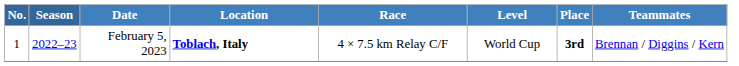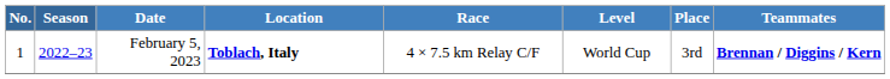 <table class="wikitable sortable" style="font-size:95%; text-align:center; border:grey solid 1px; border-collapse:collapse; background:#ffffff;">
 <tr style="background:#efefef;">
 <th style="background-color:#369; color:white;">No.</th>
 <th style="background-color:#369; color:white;">Season</th>
 <th style="background-color:#4180be; color:white; width:100px;">Date</th>
 <th style="background-color:#4180be; color:white; width:170px;">Location</th>
 <th style="background-color:#4180be; color:white; width:170px;">Race</th>
 <th style="background-color:#4180be; color:white; width:100px;">Level</th>
 <th style="background-color:#4180be; color:white;">Place</th>
 <th style="background-color:#4180be; color:white;">Teammates</th>
 </tr>
 <tr>
 <td align=center>1</td>
 <td rowspan=1 align=center><a href='#'>2022–23</a></td>
 <td align=right>February 5, 2023</td>
 <td align=left><strong> <a href='#'>Toblach</a>, Italy</strong></td>
 <td>4 × 7.5 km Relay C/F</td>
 <td>World Cup</td>
-<td><strong>3rd</strong></td>
-<td><a href='#'>Brennan</a> / <a href='#'>Diggins</a> / <a href='#'>Kern</a></td>
+<td>3rd</td>
+<td><strong><a href='#'>Brennan</a> / <a href='#'>Diggins</a> / <a href='#'>Kern</a></strong></td>
 </tr>
 <tr>
 </tr>
 </table>
